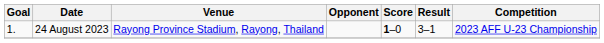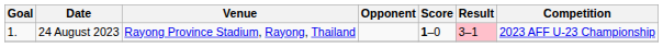 <table class="wikitable">
 <tr>
 <th>Goal</th>
 <th>Date</th>
 <th>Venue</th>
 <th>Opponent</th>
 <th>Score</th>
 <th>Result</th>
 <th>Competition</th>
 </tr>
 <tr>
 <td>1.</td>
 <td>24 August 2023</td>
 <td><a href='#'>Rayong Province Stadium</a>, <a href='#'>Rayong</a>, <a href='#'>Thailand</a></td>
 <td></td>
 <td><strong>1</strong>–0</td>
-<td>3–1</td>
+<td style="background: pink;">3–1</td>
 <td><a href='#'>2023 AFF U-23 Championship</a></td>
 </tr>
 <tr>
 </tr>
 </table>
